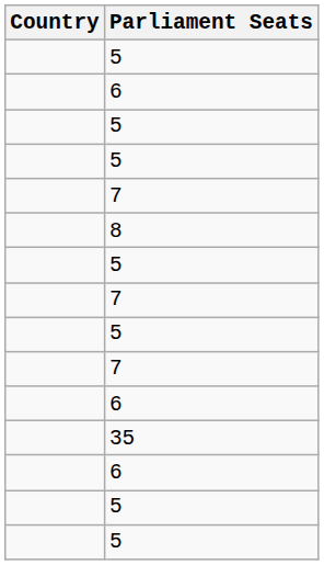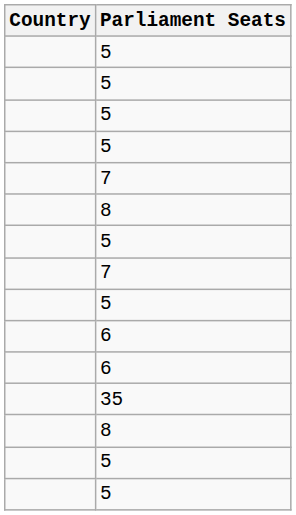 <table class=" wikitable sortable">
 <tr>
 <th>Country</th>
 <th>Parliament Seats</th>
 </tr>
 <tr>
 <td></td>
 <td>5</td>
 </tr>
 <tr>
 <td></td>
-<td>6</td>
+<td>5</td>
 </tr>
 <tr>
 <td></td>
 <td>5</td>
 </tr>
 <tr>
 <td></td>
 <td>5</td>
 </tr>
 <tr>
 <td></td>
 <td>7</td>
 </tr>
 <tr>
 <td></td>
 <td>8</td>
 </tr>
 <tr>
 <td></td>
 <td>5</td>
 </tr>
 <tr>
 <td></td>
 <td>7</td>
 </tr>
 <tr>
 <td></td>
 <td>5</td>
 </tr>
 <tr>
 <td></td>
-<td>7</td>
+<td>6</td>
 </tr>
 <tr>
 <td></td>
 <td>6</td>
 </tr>
 <tr>
 <td></td>
 <td>35</td>
 </tr>
 <tr>
 <td></td>
-<td>6</td>
+<td>8</td>
 </tr>
 <tr>
 <td></td>
 <td>5</td>
 </tr>
 <tr>
 <td></td>
 <td>5</td>
 </tr>
 </table>
